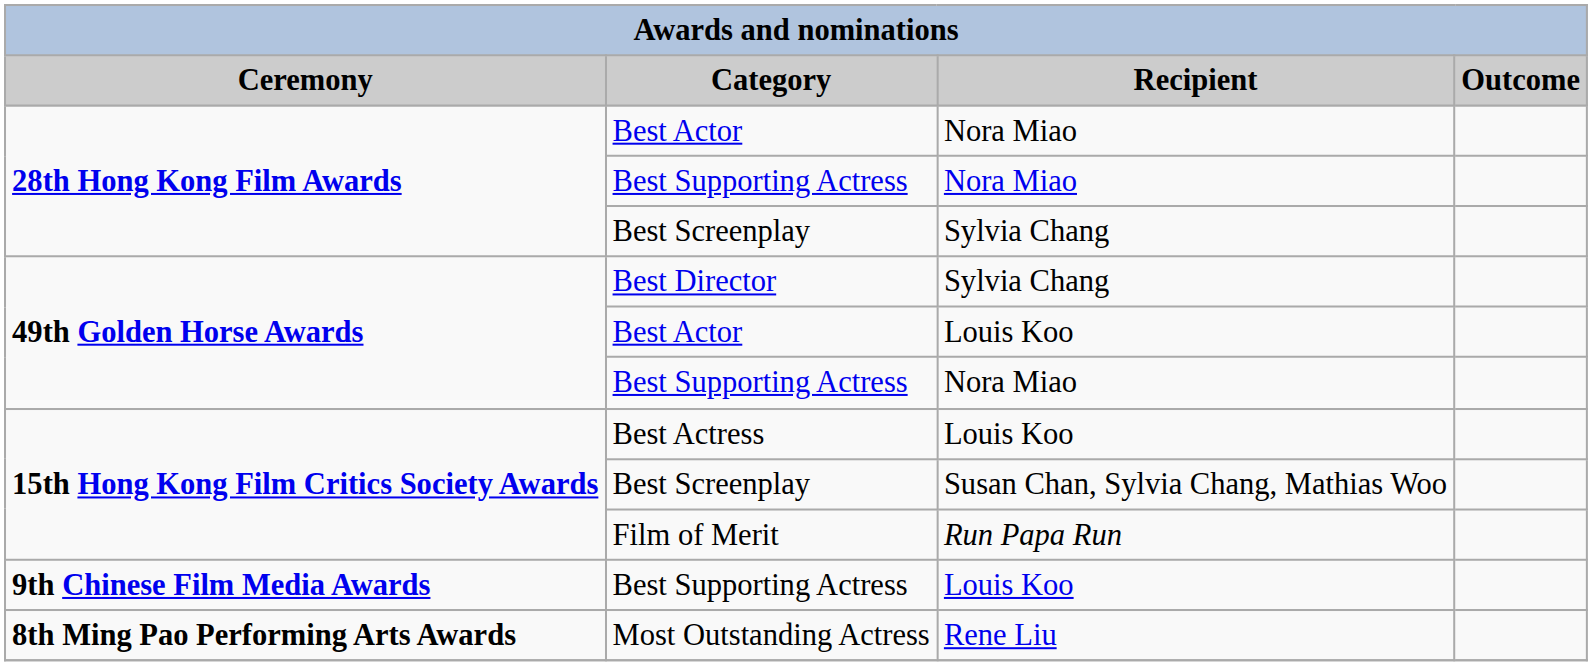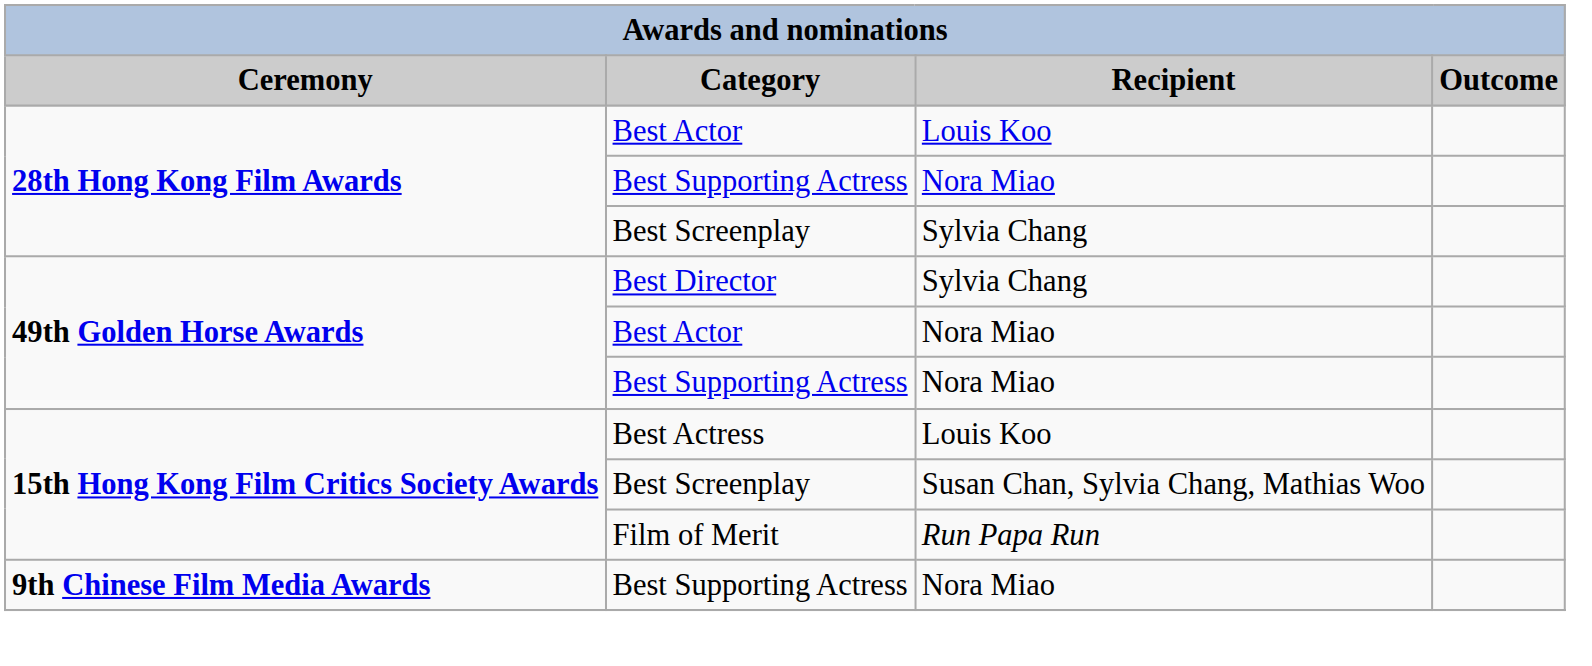 <table class="wikitable" style="font-size:95%;" ;>
 <tr style="background:#ccc; text-align:center;">
 <th colspan="4" style="background: LightSteelBlue;">Awards and nominations</th>
 </tr>
 <tr style="background:#ccc; text-align:center;">
 <th style="background:#ccc">Ceremony</th>
 <th style="background:#ccc">Category</th>
 <th style="background:#ccc">Recipient</th>
 <th style="background:#ccc">Outcome</th>
 </tr>
 <tr>
 <td rowspan=3><strong><a href='#'>28th Hong Kong Film Awards</a></strong></td>
 <td><a href='#'>Best Actor</a></td>
-<td>Nora Miao</td>
+<td><a href='#'>Louis Koo</a></td>
 <td></td>
 </tr>
 <tr>
 <td><a href='#'>Best Supporting Actress</a></td>
 <td><a href='#'>Nora Miao</a></td>
 <td></td>
 </tr>
 <tr>
 <td>Best Screenplay</td>
 <td>Sylvia Chang</td>
 <td></td>
 </tr>
 <tr>
 <td rowspan=3><strong>49th <a href='#'>Golden Horse Awards</a></strong></td>
 <td><a href='#'>Best Director</a></td>
 <td>Sylvia Chang</td>
 <td></td>
 </tr>
 <tr>
 <td><a href='#'>Best Actor</a></td>
-<td>Louis Koo</td>
+<td>Nora Miao</td>
 <td></td>
 </tr>
 <tr>
 <td><a href='#'>Best Supporting Actress</a></td>
 <td>Nora Miao</td>
 <td></td>
 </tr>
 <tr>
 <td rowspan=3><strong>15th <a href='#'>Hong Kong Film Critics Society Awards</a></strong></td>
 <td>Best Actress</td>
 <td>Louis Koo</td>
 <td></td>
 </tr>
 <tr>
 <td>Best Screenplay</td>
 <td>Susan Chan, Sylvia Chang, Mathias Woo</td>
 <td></td>
 </tr>
 <tr>
 <td>Film of Merit</td>
 <td><em>Run Papa Run</em></td>
 <td></td>
 </tr>
 <tr>
 <td><strong>9th <a href='#'>Chinese Film Media Awards</a></strong></td>
 <td>Best Supporting Actress</td>
-<td><a href='#'>Louis Koo</a></td>
-<td></td>
-</tr>
-<tr>
-<td><strong>8th Ming Pao Performing Arts Awards</strong></td>
-<td>Most Outstanding Actress</td>
-<td><a href='#'>Rene Liu</a></td>
+<td>Nora Miao</td>
 <td></td>
 </tr>
 <tr>
 </tr>
 </table>
